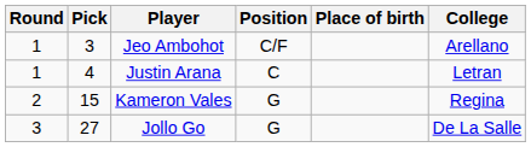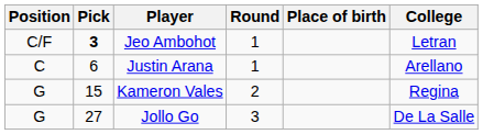 <table class="wikitable sortable sortable" style="text-align:center">
 <tr>
-<th>Round</th>
+<th>Position</th>
 <th>Pick</th>
 <th>Player</th>
-<th>Position</th>
+<th>Round</th>
 <th>Place of birth</th>
 <th>College</th>
 </tr>
 <tr>
+<td>C/F</td>
+<td><strong>3</strong></td>
+<td><a href='#'>Jeo Ambohot</a></td>
 <td>1</td>
-<td>3</td>
-<td><a href='#'>Jeo Ambohot</a></td>
-<td>C/F</td>
+<td></td>
+<td><a href='#'>Letran</a></td>
+</tr>
+<tr>
+<td>C</td>
+<td>6</td>
+<td><a href='#'>Justin Arana</a></td>
+<td>1</td>
 <td></td>
 <td><a href='#'>Arellano</a></td>
 </tr>
 <tr>
-<td>1</td>
-<td>4</td>
-<td><a href='#'>Justin Arana</a></td>
-<td>C</td>
-<td></td>
-<td><a href='#'>Letran</a></td>
-</tr>
-<tr>
-<td>2</td>
+<td>G</td>
 <td>15</td>
 <td><a href='#'>Kameron Vales</a></td>
-<td>G</td>
+<td>2</td>
 <td></td>
 <td><a href='#'>Regina</a></td>
 </tr>
 <tr>
-<td>3</td>
+<td>G</td>
 <td>27</td>
 <td><a href='#'>Jollo Go</a></td>
-<td>G</td>
+<td>3</td>
 <td></td>
 <td><a href='#'>De La Salle</a></td>
 </tr>
 </table>
